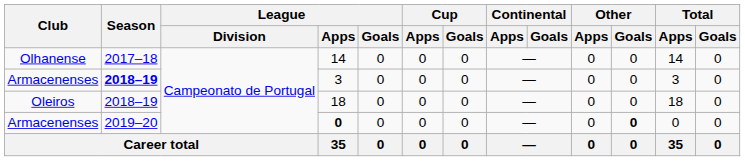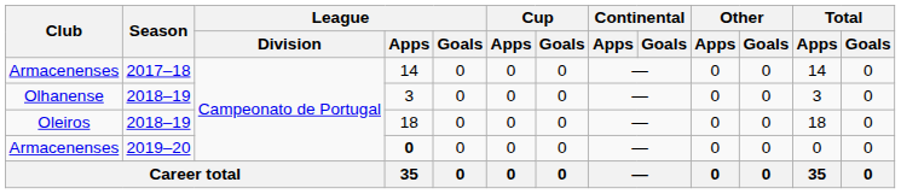 <table class="wikitable" style="text-align:center">
 <tr>
 <th rowspan="2">Club</th>
 <th rowspan="2">Season</th>
 <th colspan="3">League</th>
 <th colspan="2">Cup</th>
 <th colspan="2">Continental</th>
 <th colspan="2">Other</th>
 <th colspan="2">Total</th>
 </tr>
 <tr>
 <th>Division</th>
 <th>Apps</th>
 <th>Goals</th>
 <th>Apps</th>
 <th>Goals</th>
 <th>Apps</th>
 <th>Goals</th>
 <th>Apps</th>
 <th>Goals</th>
 <th>Apps</th>
 <th>Goals</th>
 </tr>
 <tr>
-<td rowspan="1"><a href='#'>Olhanense</a></td>
+<td rowspan="1"><a href='#'>Armacenenses</a></td>
 <td><a href='#'>2017–18</a></td>
 <td rowspan="4"><a href='#'>Campeonato de Portugal</a></td>
 <td>14</td>
 <td>0</td>
 <td>0</td>
 <td>0</td>
 <td colspan="2">—</td>
 <td>0</td>
 <td>0</td>
 <td>14</td>
 <td>0</td>
 </tr>
 <tr>
-<td rowspan="1"><a href='#'>Armacenenses</a></td>
-<td><strong><a href='#'>2018–19</a></strong></td>
+<td rowspan="1"><a href='#'>Olhanense</a></td>
+<td><a href='#'>2018–19</a></td>
 <td>3</td>
 <td>0</td>
 <td>0</td>
 <td>0</td>
 <td colspan="2">—</td>
 <td>0</td>
 <td>0</td>
 <td>3</td>
 <td>0</td>
 </tr>
 <tr>
 <td rowspan="1"><a href='#'>Oleiros</a></td>
 <td><a href='#'>2018–19</a></td>
 <td>18</td>
 <td>0</td>
 <td>0</td>
 <td>0</td>
 <td colspan="2">—</td>
 <td>0</td>
 <td>0</td>
 <td>18</td>
 <td>0</td>
 </tr>
 <tr>
 <td rowspan="1"><a href='#'>Armacenenses</a></td>
 <td><a href='#'>2019–20</a></td>
 <td><strong>0</strong></td>
 <td>0</td>
 <td>0</td>
 <td>0</td>
 <td colspan="2">—</td>
 <td>0</td>
-<td><strong>0</strong></td>
+<td>0</td>
 <td>0</td>
 <td>0</td>
 </tr>
 <tr>
 <th colspan="3">Career total</th>
 <th>35</th>
 <th>0</th>
 <th>0</th>
 <th>0</th>
 <th colspan="2">—</th>
 <th>0</th>
 <th>0</th>
 <th>35</th>
 <th>0</th>
 </tr>
 </table>
